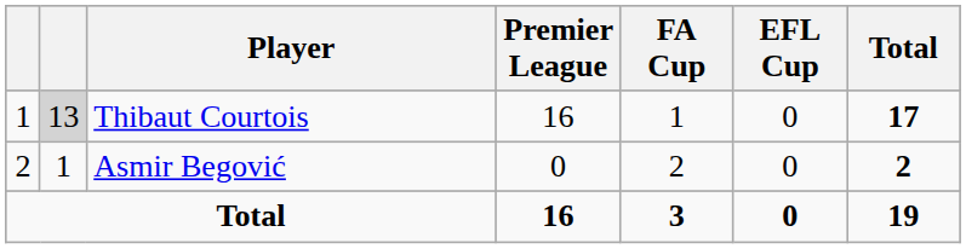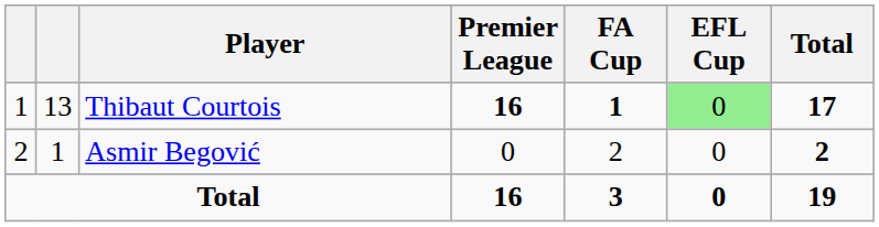 <table class="wikitable sortable" style="text-align: center;">
 <tr>
 <th width=10></th>
 <th width=10></th>
 <th width=200>Player</th>
 <th width=50>Premier League</th>
 <th width=50>FA Cup</th>
 <th width=50>EFL Cup</th>
 <th width=50>Total</th>
 </tr>
 <tr>
 <td>1</td>
-<td style="background: lightgrey;">13</td>
+<td>13</td>
 <td align=left> <a href='#'>Thibaut Courtois</a></td>
-<td>16</td>
-<td>1</td>
-<td>0</td>
+<td><strong>16</strong></td>
+<td><strong>1</strong></td>
+<td style="background: lightgreen;">0</td>
 <td><strong>17</strong></td>
 </tr>
 <tr>
 <td>2</td>
 <td>1</td>
 <td align=left> <a href='#'>Asmir Begović</a></td>
 <td>0</td>
 <td>2</td>
 <td>0</td>
 <td><strong>2</strong></td>
 </tr>
 <tr>
 <td colspan="3"><strong>Total</strong></td>
 <td><strong>16</strong></td>
 <td><strong>3</strong></td>
 <td><strong>0</strong></td>
 <td><strong>19</strong></td>
 </tr>
 </table>
